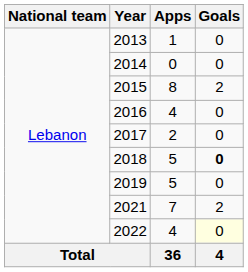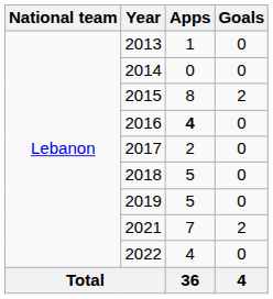 <table class="wikitable" style="text-align:center">
 <tr>
 <th>National team</th>
 <th>Year</th>
 <th>Apps</th>
 <th>Goals</th>
 </tr>
 <tr>
 <td rowspan="9"><a href='#'>Lebanon</a></td>
 <td>2013</td>
 <td>1</td>
 <td>0</td>
 </tr>
 <tr>
 <td>2014</td>
 <td>0</td>
 <td>0</td>
 </tr>
 <tr>
 <td>2015</td>
 <td>8</td>
 <td>2</td>
 </tr>
 <tr>
 <td>2016</td>
-<td>4</td>
+<td><strong>4</strong></td>
 <td>0</td>
 </tr>
 <tr>
 <td>2017</td>
 <td>2</td>
 <td>0</td>
 </tr>
 <tr>
 <td>2018</td>
 <td>5</td>
-<td><strong>0</strong></td>
+<td>0</td>
 </tr>
 <tr>
 <td>2019</td>
 <td>5</td>
 <td>0</td>
 </tr>
 <tr>
 <td>2021</td>
 <td>7</td>
 <td>2</td>
 </tr>
 <tr>
 <td>2022</td>
 <td>4</td>
-<td style="background: lightyellow;">0</td>
+<td>0</td>
 </tr>
 <tr>
 <th colspan="2">Total</th>
 <th>36</th>
 <th>4</th>
 </tr>
 </table>
